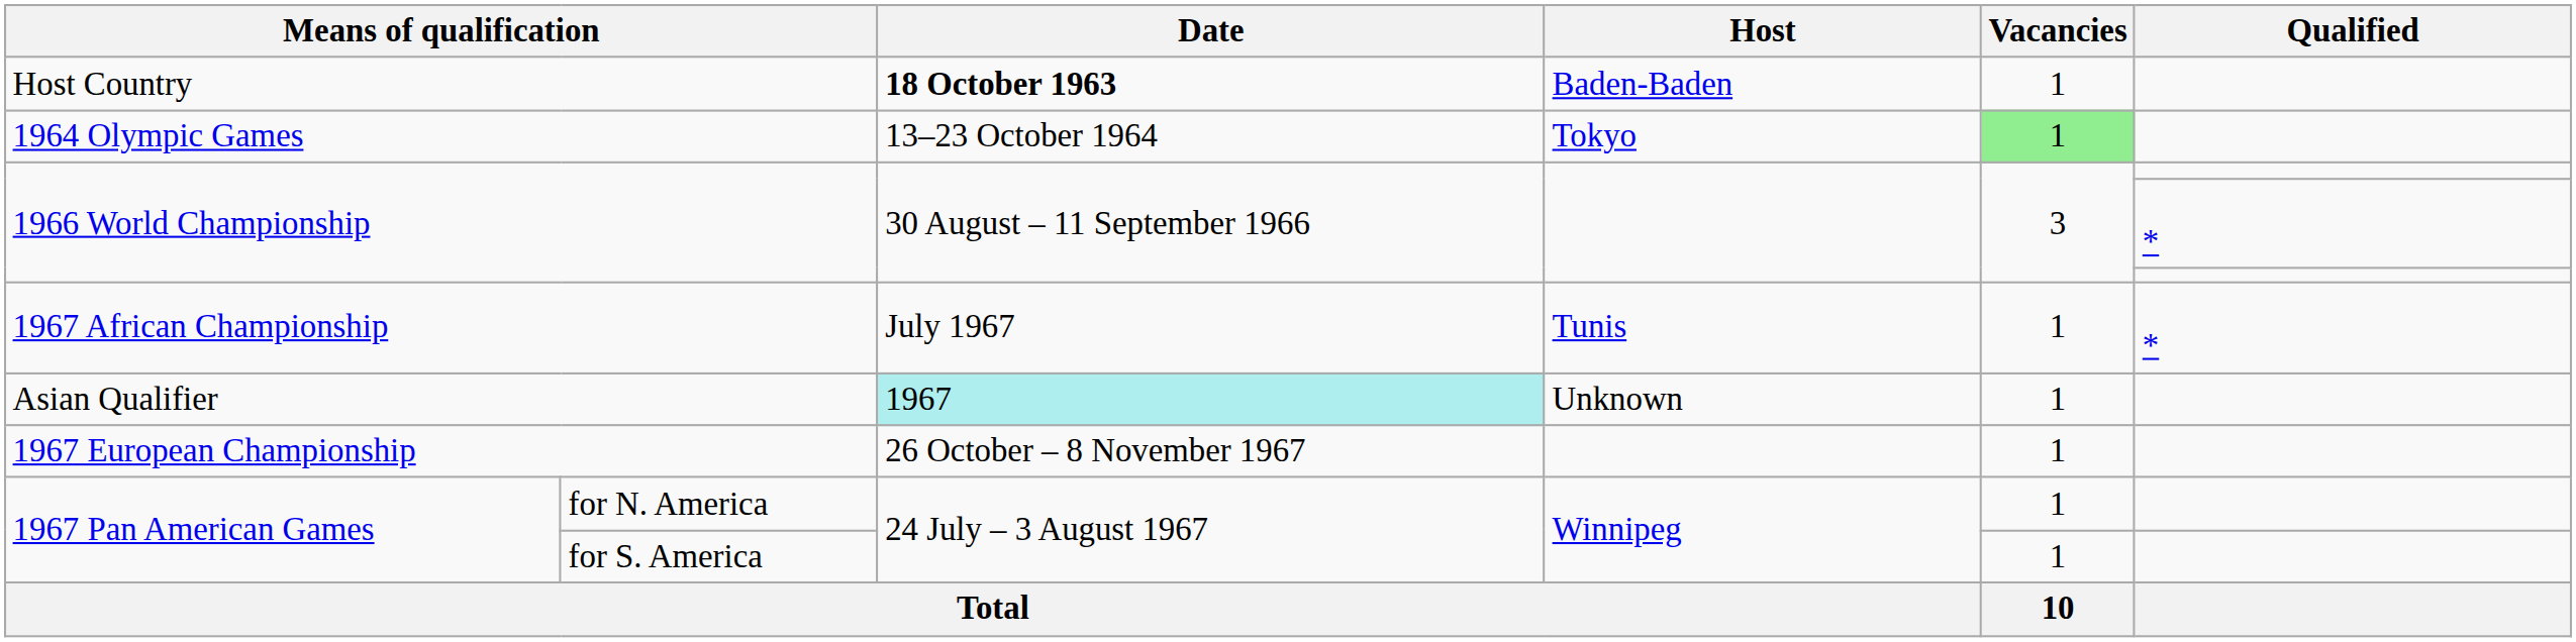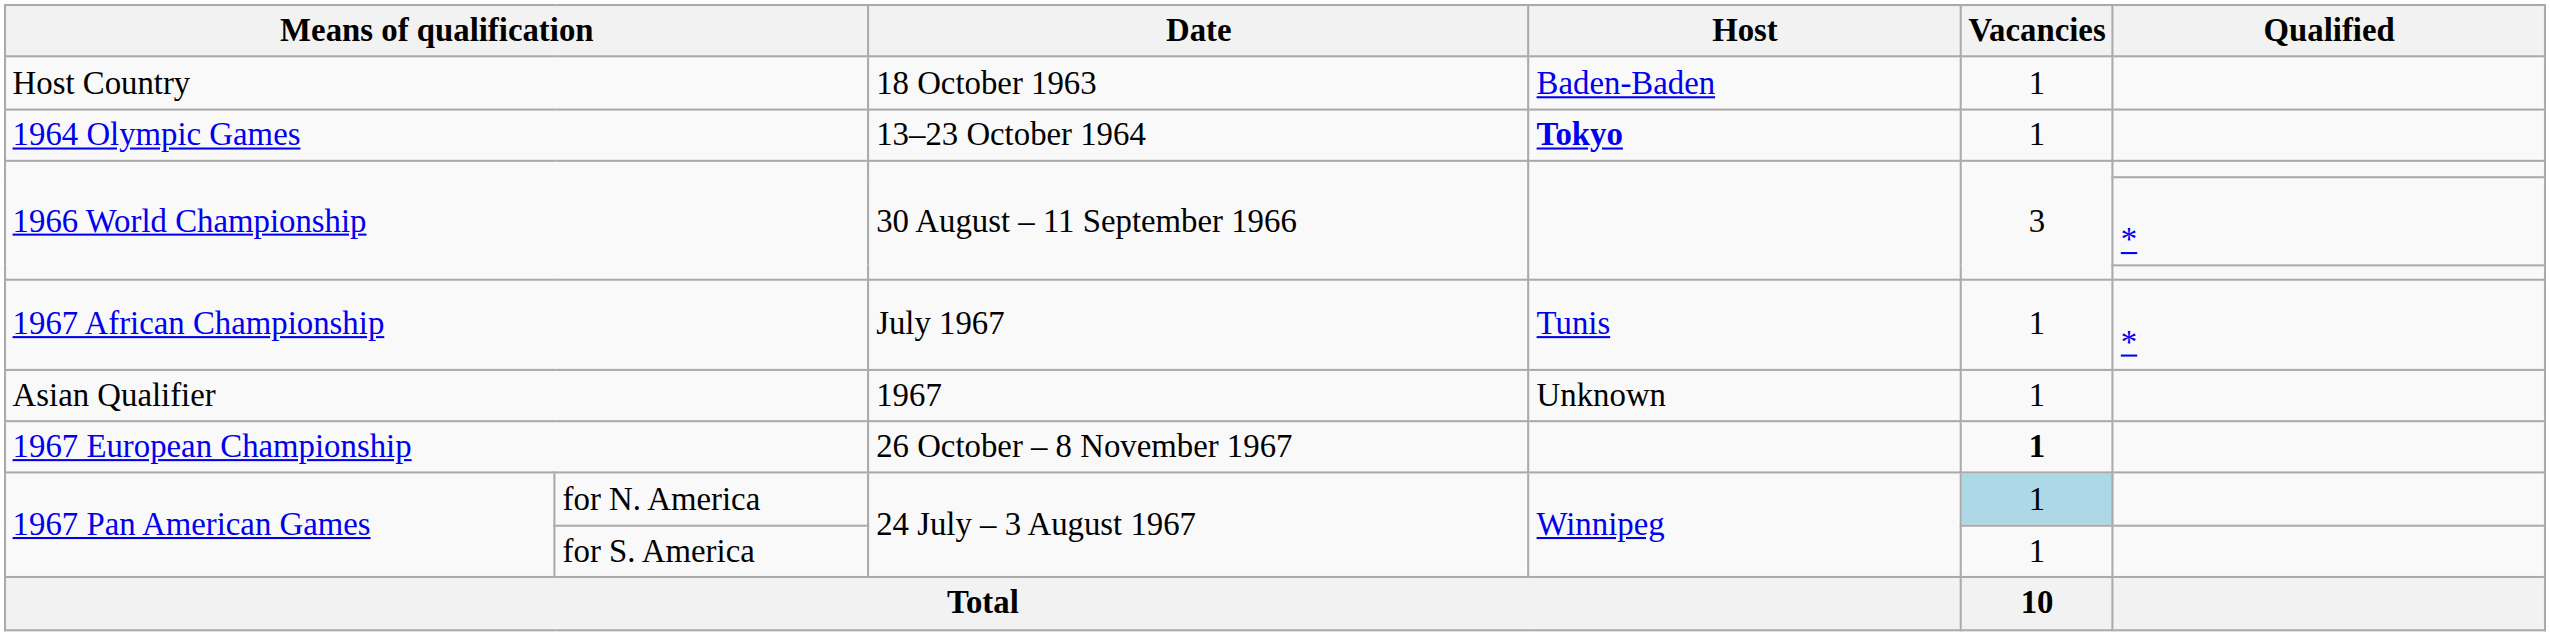 <table class="wikitable">
 <tr>
 <th width=34% colspan="2">Means of qualification</th>
 <th width=26%>Date</th>
 <th width=17%>Host</th>
 <th width=6%>Vacancies</th>
 <th width=17%>Qualified</th>
 </tr>
 <tr>
 <td colspan="2">Host Country</td>
-<td><strong>18 October 1963</strong></td>
+<td>18 October 1963</td>
 <td> <a href='#'>Baden-Baden</a></td>
 <td align="center">1</td>
 <td></td>
 </tr>
 <tr>
 <td colspan="2"><a href='#'>1964 Olympic Games</a></td>
 <td>13–23 October 1964</td>
-<td> <a href='#'>Tokyo</a></td>
-<td align="center" style="background: lightgreen;">1</td>
+<td><strong> <a href='#'>Tokyo</a></strong></td>
+<td align="center">1</td>
 <td></td>
 </tr>
 <tr>
 <td colspan="2" rowspan="3"><a href='#'>1966 World Championship</a></td>
 <td rowspan="3">30 August – 11 September 1966</td>
 <td rowspan="3"></td>
 <td rowspan="3" align="center">3</td>
 <td></td>
 </tr>
 <tr>
 <td><s></s><br><a href='#'>*</a></td>
 </tr>
 <tr>
 <td></td>
 </tr>
 <tr>
 <td colspan="2"><a href='#'>1967 African Championship</a></td>
 <td>July 1967</td>
 <td> <a href='#'>Tunis</a></td>
 <td align="center">1</td>
 <td><s></s><br><a href='#'>*</a></td>
 </tr>
 <tr>
 <td colspan="2">Asian Qualifier</td>
-<td style="background: paleturquoise;">1967</td>
+<td>1967</td>
 <td>Unknown</td>
 <td align="center">1</td>
 <td></td>
 </tr>
 <tr>
 <td colspan="2"><a href='#'>1967 European Championship</a></td>
 <td>26 October – 8 November 1967</td>
 <td></td>
-<td align="center">1</td>
+<td align="center"><strong>1</strong></td>
 <td></td>
 </tr>
 <tr>
 <td rowspan="2"><a href='#'>1967 Pan American Games</a></td>
 <td>for N. America</td>
 <td rowspan="2">24 July – 3 August 1967</td>
 <td rowspan="2"> <a href='#'>Winnipeg</a></td>
-<td align="center">1</td>
+<td align="center" style="background: lightblue;">1</td>
 <td></td>
 </tr>
 <tr>
 <td>for S. America</td>
 <td align="center">1</td>
 <td></td>
 </tr>
 <tr>
 <th colspan="4">Total</th>
 <th>10</th>
 <th></th>
 </tr>
 </table>
